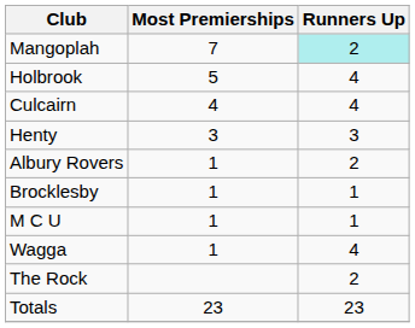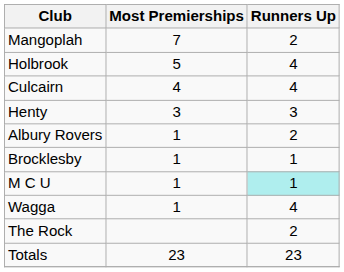 <table class="wikitable sortable">
 <tr>
 <th>Club</th>
 <th><span><strong>Most Premierships</strong></span></th>
 <th>Runners Up</th>
 </tr>
 <tr>
 <td>Mangoplah</td>
 <td align=center>7</td>
-<td align=center style="background: paleturquoise;">2</td>
+<td align=center>2</td>
 </tr>
 <tr>
 <td>Holbrook</td>
 <td align=center>5</td>
 <td align=center>4</td>
 </tr>
 <tr>
 <td>Culcairn</td>
 <td align=center>4</td>
 <td align=center>4</td>
 </tr>
 <tr>
 <td>Henty</td>
 <td align=center>3</td>
 <td align=center>3</td>
 </tr>
 <tr>
 <td>Albury Rovers</td>
 <td align=center>1</td>
 <td align=center>2</td>
 </tr>
 <tr>
 <td>Brocklesby</td>
 <td align=center>1</td>
 <td align=center>1</td>
 </tr>
 <tr>
 <td>M C U</td>
 <td align=center>1</td>
-<td align=center>1</td>
+<td align=center style="background: paleturquoise;">1</td>
 </tr>
 <tr>
 <td>Wagga</td>
 <td align=center>1</td>
 <td align=center>4</td>
 </tr>
 <tr>
 <td>The Rock</td>
 <td align=center></td>
 <td align=center>2</td>
 </tr>
 <tr>
 <td>Totals</td>
 <td align=center>23</td>
 <td align=center>23</td>
 </tr>
 <tr>
 </tr>
 </table>
